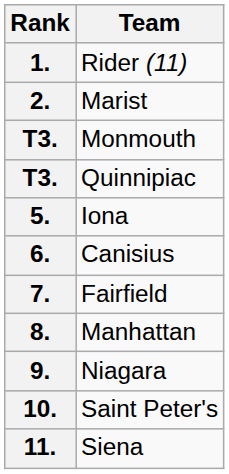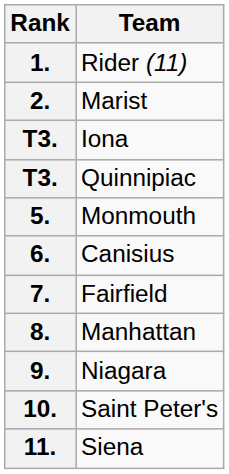 <table class="wikitable">
 <tr>
 <th>Rank</th>
 <th>Team </th>
 </tr>
 <tr>
 <th>1.</th>
 <td>Rider <em>(11)</em></td>
 </tr>
 <tr>
 <th>2.</th>
 <td>Marist</td>
 </tr>
 <tr>
 <th>T3.</th>
-<td>Monmouth</td>
+<td>Iona</td>
 </tr>
 <tr>
 <th>T3.</th>
 <td>Quinnipiac</td>
 </tr>
 <tr>
 <th>5.</th>
-<td>Iona</td>
+<td>Monmouth</td>
 </tr>
 <tr>
 <th>6.</th>
 <td>Canisius</td>
 </tr>
 <tr>
 <th>7.</th>
 <td>Fairfield</td>
 </tr>
 <tr>
 <th>8.</th>
 <td>Manhattan</td>
 </tr>
 <tr>
 <th>9.</th>
 <td>Niagara</td>
 </tr>
 <tr>
 <th>10.</th>
 <td>Saint Peter's</td>
 </tr>
 <tr>
 <th>11.</th>
 <td>Siena</td>
 </tr>
 </table>
